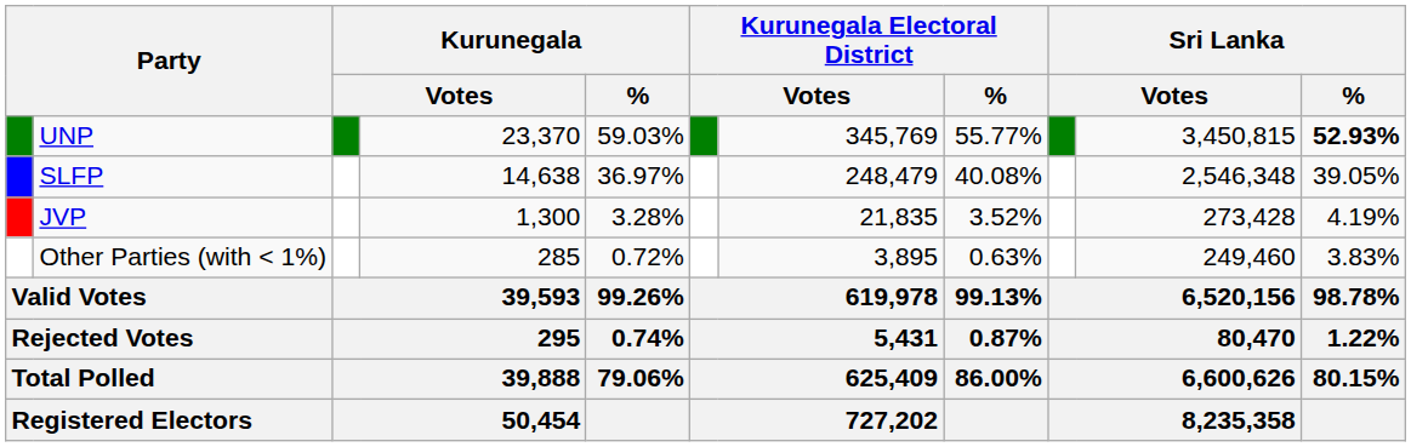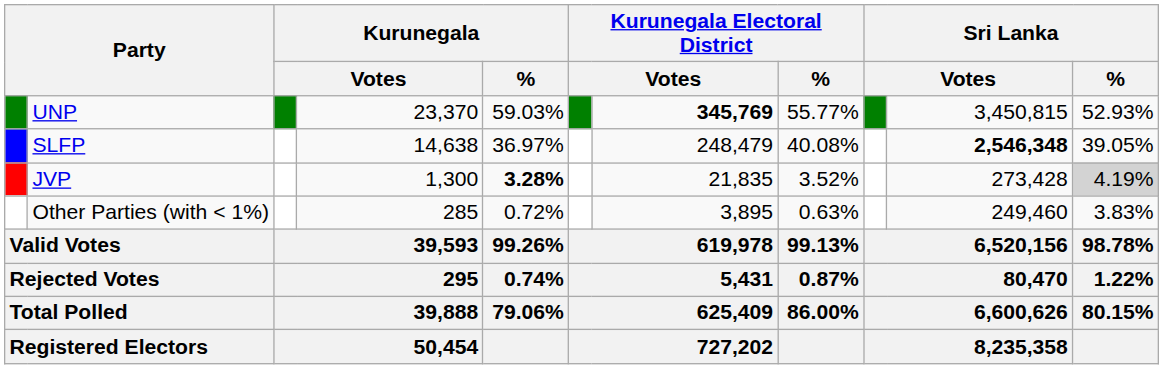 <table class="wikitable">
 <tr>
 <th colspan="2" width="144px"rowspan="2">Party</th>
 <th colspan="3" width="216px">Kurunegala</th>
 <th colspan="3" width="216px"><a href='#'>Kurunegala Electoral District</a></th>
 <th colspan="3" width="216px">Sri Lanka</th>
 </tr>
 <tr>
 <th colspan="2" width="144px">Votes</th>
 <th>%</th>
 <th colspan="2" width="144px">Votes</th>
 <th>%</th>
 <th colspan="2" width="144px">Votes</th>
 <th>%</th>
 </tr>
 <tr>
 <td style="background-color:green;" width="10px"></td>
 <td style="text-align:left;"><a href='#'>UNP</a></td>
 <td style="background-color:green;" width="10px"></td>
 <td style="text-align:right;">23,370</td>
 <td style="text-align:right;">59.03%</td>
 <td style="background-color:green;" width="10px"></td>
-<td style="text-align:right;">345,769</td>
+<td style="text-align:right;"><strong>345,769</strong></td>
 <td style="text-align:right;">55.77%</td>
 <td style="background-color:green;" width="10px"></td>
 <td style="text-align:right;">3,450,815</td>
-<td style="text-align:right;"><strong>52.93%</strong></td>
+<td style="text-align:right;">52.93%</td>
 </tr>
 <tr>
 <td style="background-color:blue;" width="10px"></td>
 <td style="text-align:left;"><a href='#'>SLFP</a></td>
 <td style="background-color:white;" width="10px"></td>
 <td style="text-align:right;">14,638</td>
 <td style="text-align:right;">36.97%</td>
 <td style="background-color:white;" width="10px"></td>
 <td style="text-align:right;">248,479</td>
 <td style="text-align:right;">40.08%</td>
 <td style="background-color:white;" width="10px"></td>
-<td style="text-align:right;">2,546,348</td>
+<td style="text-align:right;"><strong>2,546,348</strong></td>
 <td style="text-align:right;">39.05%</td>
 </tr>
 <tr>
 <td style="background-color:red;" width="10px"></td>
 <td style="text-align:left;"><a href='#'>JVP</a></td>
 <td style="background-color:white;" width="10px"></td>
 <td style="text-align:right;">1,300</td>
-<td style="text-align:right;">3.28%</td>
+<td style="text-align:right;"><strong>3.28%</strong></td>
 <td style="background-color:white;" width="10px"></td>
 <td style="text-align:right;">21,835</td>
 <td style="text-align:right;">3.52%</td>
 <td style="background-color:white;" width="10px"></td>
 <td style="text-align:right;">273,428</td>
-<td style="text-align:right;">4.19%</td>
+<td style="background: lightgrey; text-align:right;">4.19%</td>
 </tr>
 <tr>
 <td style="background-color:white;" width="10px"></td>
 <td style="text-align:left;">Other Parties (with < 1%)</td>
 <td style="background-color:white;" width="10px"></td>
 <td style="text-align:right;">285</td>
 <td style="text-align:right;">0.72%</td>
 <td style="background-color:white;" width="10px"></td>
 <td style="text-align:right;">3,895</td>
 <td style="text-align:right;">0.63%</td>
 <td style="background-color:white;" width="10px"></td>
 <td style="text-align:right;">249,460</td>
 <td style="text-align:right;">3.83%</td>
 </tr>
 <tr>
 <th colspan="2" width="144px"style="text-align:left;">Valid Votes</th>
 <th style="text-align:right;"colspan="2" width="144px">39,593</th>
 <th style="text-align:right;">99.26%</th>
 <th style="text-align:right;"colspan="2" width="144px">619,978</th>
 <th style="text-align:right;">99.13%</th>
 <th style="text-align:right;"colspan="2" width="144px">6,520,156</th>
 <th style="text-align:right;">98.78%</th>
 </tr>
 <tr>
 <th colspan="2" width="144px"style="text-align:left;">Rejected Votes</th>
 <th style="text-align:right;"colspan="2" width="144px">295</th>
 <th style="text-align:right;">0.74%</th>
 <th style="text-align:right;"colspan="2" width="144px">5,431</th>
 <th style="text-align:right;">0.87%</th>
 <th style="text-align:right;"colspan="2" width="144px">80,470</th>
 <th style="text-align:right;">1.22%</th>
 </tr>
 <tr>
 <th colspan="2" width="144px"style="text-align:left;">Total Polled</th>
 <th style="text-align:right;"colspan="2" width="144px">39,888</th>
 <th style="text-align:right;">79.06%</th>
 <th style="text-align:right;"colspan="2" width="144px">625,409</th>
 <th style="text-align:right;">86.00%</th>
 <th style="text-align:right;"colspan="2" width="144px">6,600,626</th>
 <th style="text-align:right;">80.15%</th>
 </tr>
 <tr>
 <th colspan="2" width="144px"style="text-align:left;">Registered Electors</th>
 <th style="text-align:right;"colspan="2" width="144px">50,454</th>
 <th></th>
 <th style="text-align:right;"colspan="2" width="144px">727,202</th>
 <th></th>
 <th style="text-align:right;"colspan="2" width="144px">8,235,358</th>
 <th></th>
 </tr>
 </table>
